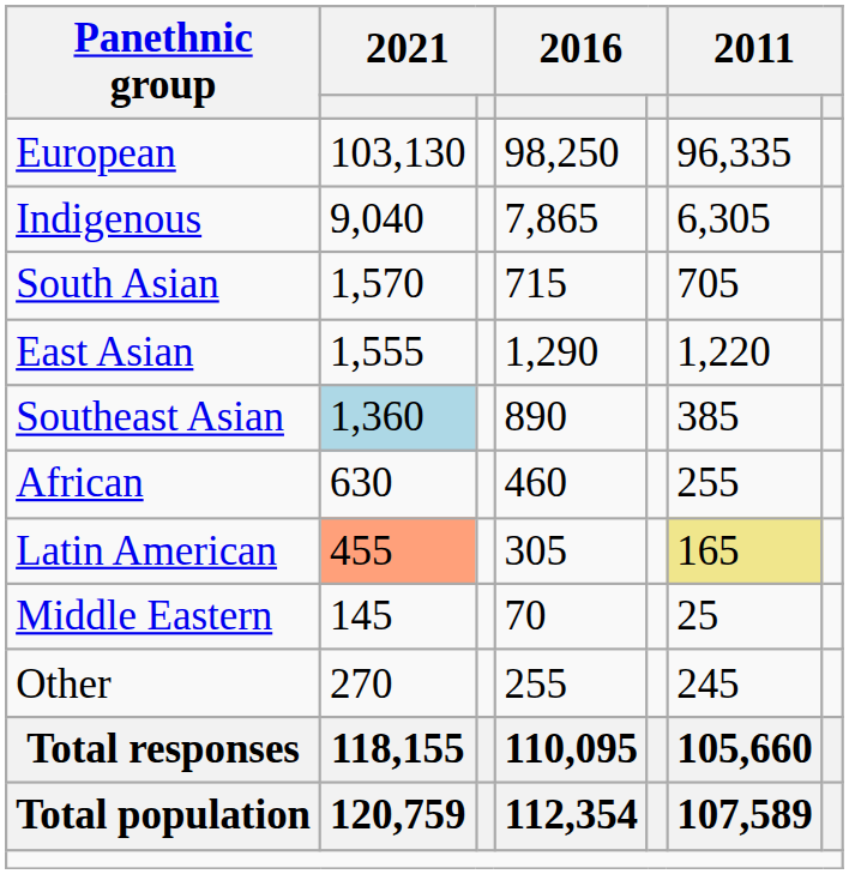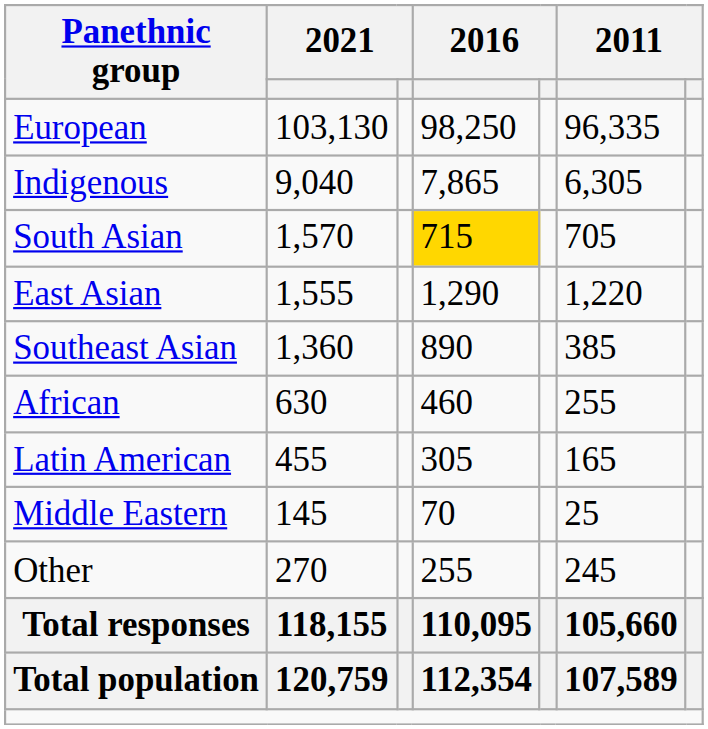 <table class="wikitable collapsible sortable">
 <tr>
 <th rowspan="2"><a href='#'>Panethnic</a><br>group</th>
 <th colspan="2">2021</th>
 <th colspan="2">2016</th>
 <th colspan="2">2011</th>
 </tr>
 <tr>
 <th><a href='#'></a></th>
 <th></th>
 <th></th>
 <th></th>
 <th></th>
 <th></th>
 </tr>
 <tr>
 <td><a href='#'>European</a></td>
 <td>103,130</td>
 <td></td>
 <td>98,250</td>
 <td></td>
 <td>96,335</td>
 <td></td>
 </tr>
 <tr>
 <td><a href='#'>Indigenous</a></td>
 <td>9,040</td>
 <td></td>
 <td>7,865</td>
 <td></td>
 <td>6,305</td>
 <td></td>
 </tr>
 <tr>
 <td><a href='#'>South Asian</a></td>
 <td>1,570</td>
 <td></td>
-<td>715</td>
+<td style="background: gold;">715</td>
 <td></td>
 <td>705</td>
 <td></td>
 </tr>
 <tr>
 <td><a href='#'>East Asian</a></td>
 <td>1,555</td>
 <td></td>
 <td>1,290</td>
 <td></td>
 <td>1,220</td>
 <td></td>
 </tr>
 <tr>
 <td><a href='#'>Southeast Asian</a></td>
-<td style="background: lightblue;">1,360</td>
+<td>1,360</td>
 <td></td>
 <td>890</td>
 <td></td>
 <td>385</td>
 <td></td>
 </tr>
 <tr>
 <td><a href='#'>African</a></td>
 <td>630</td>
 <td></td>
 <td>460</td>
 <td></td>
 <td>255</td>
 <td></td>
 </tr>
 <tr>
 <td><a href='#'>Latin American</a></td>
-<td style="background: lightsalmon;">455</td>
+<td>455</td>
 <td></td>
 <td>305</td>
 <td></td>
-<td style="background: khaki;">165</td>
+<td>165</td>
 <td></td>
 </tr>
 <tr>
 <td><a href='#'>Middle Eastern</a></td>
 <td>145</td>
 <td></td>
 <td>70</td>
 <td></td>
 <td>25</td>
 <td></td>
 </tr>
 <tr>
 <td>Other</td>
 <td>270</td>
 <td></td>
 <td>255</td>
 <td></td>
 <td>245</td>
 <td></td>
 </tr>
 <tr>
 <th>Total responses</th>
 <th>118,155</th>
 <th></th>
 <th>110,095</th>
 <th></th>
 <th>105,660</th>
 <th></th>
 </tr>
 <tr>
 <th>Total population</th>
 <th>120,759</th>
 <th></th>
 <th>112,354</th>
 <th></th>
 <th>107,589</th>
 <th></th>
 </tr>
 <tr class="sortbottom">
 <td colspan="15"></td>
 </tr>
 </table>
